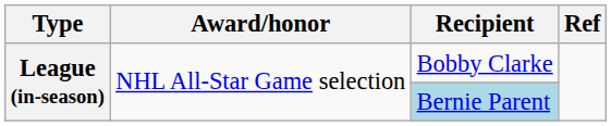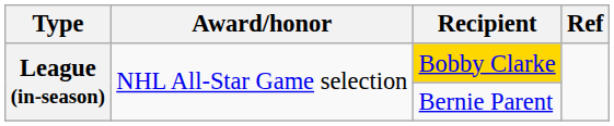 <table class="wikitable">
 <tr>
 <th scope="col">Type</th>
 <th scope="col">Award/honor</th>
 <th scope="col">Recipient</th>
 <th scope="col">Ref</th>
 </tr>
 <tr>
 <th scope="row" rowspan="2">League<br><small>(in-season)</small></th>
 <td rowspan="2"><a href='#'>NHL All-Star Game</a> selection</td>
-<td><a href='#'>Bobby Clarke</a></td>
+<td style="background: gold;"><a href='#'>Bobby Clarke</a></td>
 <td rowspan="2"></td>
 </tr>
 <tr>
-<td style="background: lightblue;"><a href='#'>Bernie Parent</a></td>
+<td><a href='#'>Bernie Parent</a></td>
 </tr>
 </table>
